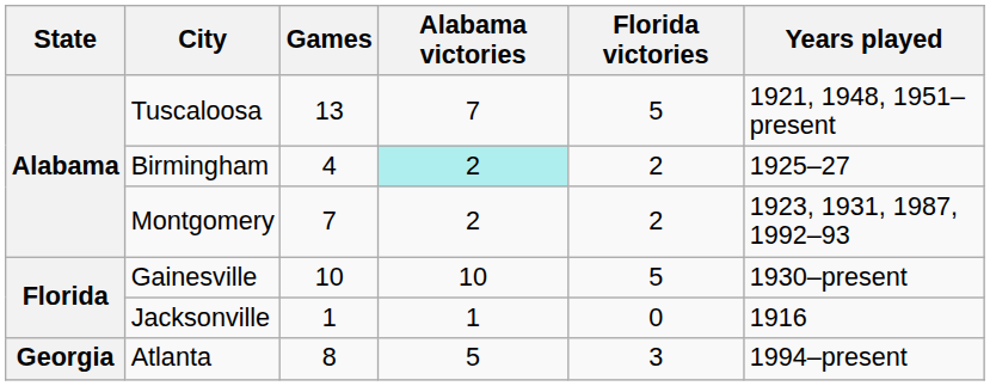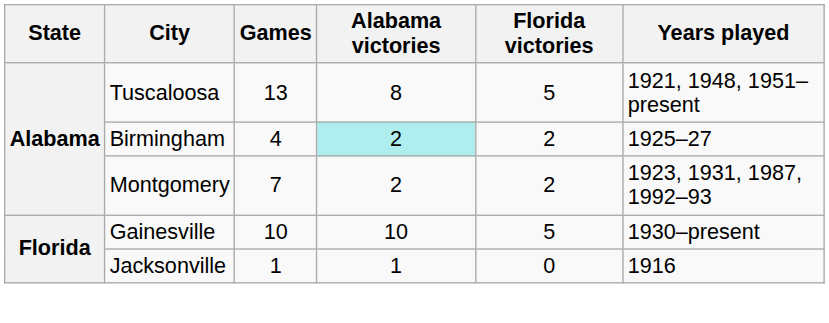 <table class="wikitable">
 <tr>
 <th>State</th>
 <th width="10%">City</th>
 <th>Games</th>
 <th>Alabama victories</th>
 <th>Florida victories</th>
 <th>Years played</th>
 </tr>
 <tr>
 <th rowspan="3">Alabama</th>
 <td>Tuscaloosa</td>
 <td style="text-align:center;">13</td>
-<td style="text-align:center;">7</td>
+<td style="text-align:center;">8</td>
 <td style="text-align:center;">5</td>
 <td>1921, 1948, 1951–present</td>
 </tr>
 <tr>
 <td>Birmingham</td>
 <td style="text-align:center;">4</td>
 <td style="background: paleturquoise; text-align:center;">2</td>
 <td style="text-align:center;">2</td>
 <td>1925–27</td>
 </tr>
 <tr>
 <td>Montgomery</td>
 <td style="text-align:center;">7</td>
 <td style="text-align:center;">2</td>
 <td style="text-align:center;">2</td>
 <td>1923, 1931, 1987, 1992–93</td>
 </tr>
 <tr>
 <th rowspan="2">Florida</th>
 <td>Gainesville</td>
 <td style="text-align:center;">10</td>
 <td style="text-align:center;">10</td>
 <td style="text-align:center;">5</td>
 <td>1930–present</td>
 </tr>
 <tr>
 <td>Jacksonville</td>
 <td style="text-align:center;">1</td>
 <td style="text-align:center;">1</td>
 <td style="text-align:center;">0</td>
 <td>1916</td>
 </tr>
-<tr>
-<th>Georgia</th>
-<td>Atlanta</td>
-<td style="text-align:center;">8</td>
-<td style="text-align:center;">5</td>
-<td style="text-align:center;">3</td>
-<td>1994–present</td>
-</tr>
 </table>
